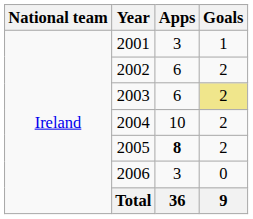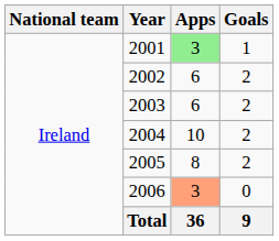 <table class="wikitable" style="text-align:center">
 <tr>
 <th>National team</th>
 <th>Year</th>
 <th>Apps</th>
 <th>Goals</th>
 </tr>
 <tr>
 <td rowspan="7"><a href='#'>Ireland</a></td>
 <td>2001</td>
-<td>3</td>
+<td style="background: lightgreen;">3</td>
 <td>1</td>
 </tr>
 <tr>
 <td>2002</td>
 <td>6</td>
 <td>2</td>
 </tr>
 <tr>
 <td>2003</td>
 <td>6</td>
-<td style="background: khaki;">2</td>
+<td>2</td>
 </tr>
 <tr>
 <td>2004</td>
 <td>10</td>
 <td>2</td>
 </tr>
 <tr>
 <td>2005</td>
-<td><strong>8</strong></td>
+<td>8</td>
 <td>2</td>
 </tr>
 <tr>
 <td>2006</td>
-<td>3</td>
+<td style="background: lightsalmon;">3</td>
 <td>0</td>
 </tr>
 <tr>
 <th>Total</th>
 <th>36</th>
 <th>9</th>
 </tr>
 </table>
